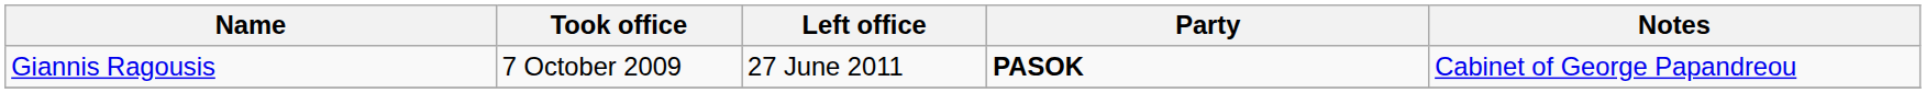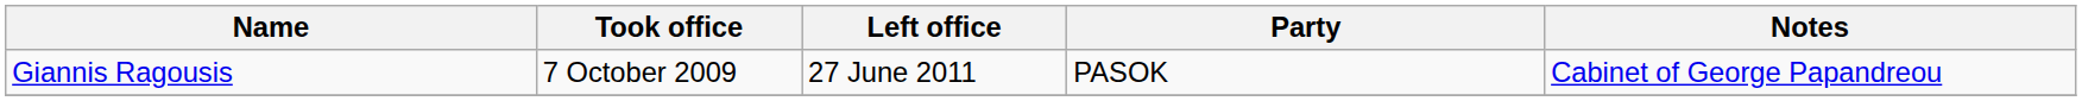 <table class="wikitable">
 <tr>
 <th width="20%">Name</th>
 <th width="10%">Took office</th>
 <th width="10%">Left office</th>
 <th width="18%">Party</th>
 <th width="20%">Notes</th>
 </tr>
 <tr>
 <td><a href='#'>Giannis Ragousis</a></td>
 <td>7 October 2009</td>
 <td>27 June 2011</td>
-<td><strong>PASOK</strong></td>
+<td>PASOK</td>
 <td><a href='#'>Cabinet of George Papandreou</a></td>
 </tr>
 <tr>
 </tr>
 </table>
